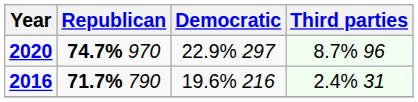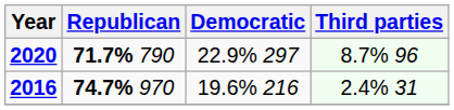 <table class="wikitable" style="font-size:95%;">
 <tr bgcolor=lightgrey>
 <th>Year</th>
 <th><a href='#'>Republican</a></th>
 <th><a href='#'>Democratic</a></th>
 <th><a href='#'>Third parties</a></th>
 </tr>
 <tr>
 <td style="text-align:center;" ><strong><a href='#'>2020</a></strong></td>
-<td style="text-align:center;" ><strong>74.7%</strong> <em>970</em></td>
+<td style="text-align:center;" ><strong>71.7%</strong> <em>790</em></td>
 <td style="text-align:center;" >22.9% <em>297</em></td>
 <td style="text-align:center; background:honeyDew;">8.7% <em>96</em></td>
 </tr>
 <tr>
 <td style="text-align:center;" ><strong><a href='#'>2016</a></strong></td>
-<td style="text-align:center;" ><strong>71.7%</strong> <em>790</em></td>
+<td style="text-align:center;" ><strong>74.7%</strong> <em>970</em></td>
 <td style="text-align:center;" >19.6% <em>216</em></td>
 <td style="text-align:center; background:honeyDew;">2.4% <em>31</em></td>
 </tr>
 <tr>
 </tr>
 </table>
